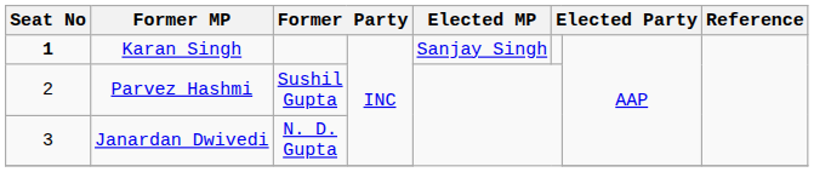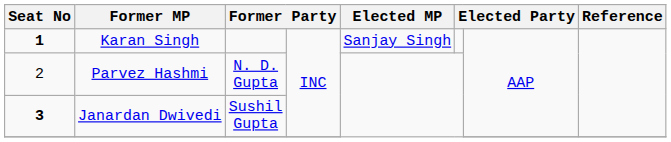 <table class="wikitable">
 <tr>
 <th>Seat No</th>
 <th>Former MP</th>
 <th colspan=2>Former Party</th>
 <th>Elected MP</th>
 <th colspan=2>Elected Party</th>
 <th>Reference</th>
 </tr>
 <tr style="text-align:center;">
 <td><strong>1</strong></td>
 <td><a href='#'>Karan Singh</a></td>
 <td width="1px"></td>
 <td rowspan=3><a href='#'>INC</a></td>
 <td><a href='#'>Sanjay Singh</a></td>
 <td width="1px"></td>
 <td rowspan=3><a href='#'>AAP</a></td>
 <td rowspan=3></td>
 </tr>
 <tr style="text-align:center;">
 <td>2</td>
 <td><a href='#'>Parvez Hashmi</a></td>
-<td><a href='#'>Sushil Gupta</a></td>
+<td><a href='#'>N. D. Gupta</a></td>
 </tr>
 <tr style="text-align:center;">
-<td>3</td>
+<td><strong>3</strong></td>
 <td><a href='#'>Janardan Dwivedi</a></td>
-<td><a href='#'>N. D. Gupta</a></td>
+<td><a href='#'>Sushil Gupta</a></td>
 </tr>
 <tr>
 </tr>
 </table>
